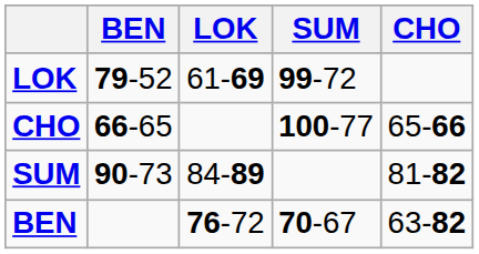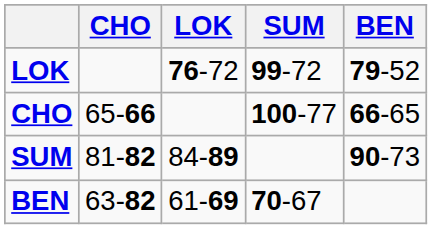 <table class="wikitable">
 <tr>
 <th></th>
-<th> <a href='#'>BEN</a></th>
+<th> <a href='#'>CHO</a></th>
 <th> <a href='#'>LOK</a></th>
 <th> <a href='#'><strong>SUM</strong></a></th>
-<th> <a href='#'>CHO</a></th>
+<th> <a href='#'>BEN</a></th>
 </tr>
 <tr>
 <td> <a href='#'><strong>LOK</strong></a></td>
+<td></td>
+<td><strong>76</strong>-72</td>
+<td><strong>99</strong>-72</td>
 <td><strong>79</strong>-52</td>
-<td>61-<strong>69</strong></td>
-<td><strong>99</strong>-72</td>
-<td></td>
 </tr>
 <tr>
 <td> <a href='#'><strong>CHO</strong></a></td>
-<td><strong>66</strong>-65</td>
+<td>65-<strong>66</strong></td>
 <td></td>
 <td><strong>100</strong>-77</td>
-<td>65-<strong>66</strong></td>
+<td><strong>66</strong>-65</td>
 </tr>
 <tr>
 <td> <a href='#'><strong>SUM</strong></a></td>
-<td><strong>90</strong>-73</td>
+<td>81-<strong>82</strong></td>
 <td>84-<strong>89</strong></td>
 <td></td>
-<td>81-<strong>82</strong></td>
+<td><strong>90</strong>-73</td>
 </tr>
 <tr>
 <td> <a href='#'><strong>BEN</strong></a></td>
+<td>63-<strong>82</strong></td>
+<td>61-<strong>69</strong></td>
+<td><strong>70</strong>-67</td>
 <td></td>
-<td><strong>76</strong>-72</td>
-<td><strong>70</strong>-67</td>
-<td>63-<strong>82</strong></td>
 </tr>
 </table>
